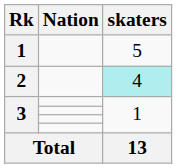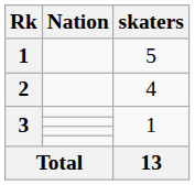 <table class="wikitable sortable" style="text-align: center;">
 <tr>
 <th>Rk</th>
 <th>Nation</th>
 <th>skaters</th>
 </tr>
 <tr>
 <th>1</th>
 <td></td>
 <td>5</td>
 </tr>
 <tr>
 <th>2</th>
 <td></td>
-<td style="background: paleturquoise;">4</td>
+<td>4</td>
 </tr>
 <tr>
 <th rowspan="4">3</th>
 <td></td>
 <td rowspan="4">1</td>
 </tr>
 <tr>
 <td></td>
 </tr>
 <tr>
 <td></td>
 </tr>
 <tr>
 <td></td>
 </tr>
 <tr class="sortbottom">
 <th colspan="2">Total</th>
 <th>13</th>
 </tr>
 </table>
